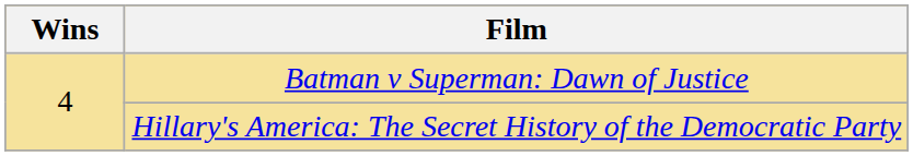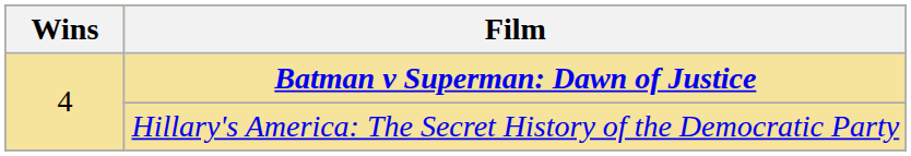 <table class="wikitable" rowspan=2 style="text-align: center; background: #f6e39c">
 <tr>
 <th scope="col" width="55">Wins</th>
 <th scope="col" align="center">Film</th>
 </tr>
 <tr>
 <td rowspan="2" style="text-align:center">4</td>
-<td><em><a href='#'>Batman v Superman: Dawn of Justice</a></em></td>
+<td><strong><em><a href='#'>Batman v Superman: Dawn of Justice</a></em></strong></td>
 </tr>
 <tr>
 <td><em><a href='#'>Hillary's America: The Secret History of the Democratic Party</a></em></td>
 </tr>
 </table>
